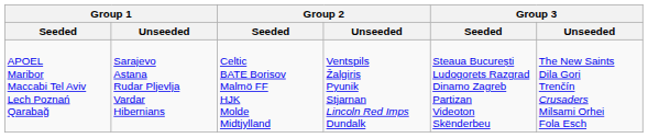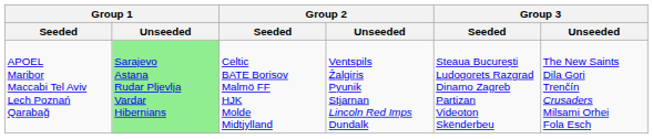 <table class="wikitable" style="font-size:80%">
 <tr>
 <th colspan=2>Group 1</th>
 <th colspan=2>Group 2</th>
 <th colspan=2>Group 3</th>
 </tr>
 <tr>
 <th width=16%>Seeded</th>
 <th width=16%>Unseeded</th>
 <th width=16%>Seeded</th>
 <th width=16%>Unseeded</th>
 <th width=16%>Seeded</th>
 <th width=16%>Unseeded</th>
 </tr>
 <tr>
 <td valign=top><br> <a href='#'>APOEL</a><br>  <a href='#'>Maribor</a><br>  <a href='#'>Maccabi Tel Aviv</a><br>  <a href='#'>Lech Poznań</a><br>  <a href='#'>Qarabağ</a></td>
-<td valign=top><br> <a href='#'>Sarajevo</a><br>  <a href='#'>Astana</a><br>  <a href='#'>Rudar Pljevlja</a><br>  <a href='#'>Vardar</a><br>  <a href='#'>Hibernians</a></td>
+<td valign=top style="background: lightgreen;"><br> <a href='#'>Sarajevo</a><br>  <a href='#'>Astana</a><br>  <a href='#'>Rudar Pljevlja</a><br>  <a href='#'>Vardar</a><br>  <a href='#'>Hibernians</a></td>
 <td valign=top><br> <a href='#'>Celtic</a><br>  <a href='#'>BATE Borisov</a><br>  <a href='#'>Malmö FF</a><br>  <a href='#'>HJK</a><br>  <a href='#'>Molde</a><br>  <a href='#'>Midtjylland</a></td>
 <td valign=top><br> <a href='#'>Ventspils</a><br>  <a href='#'>Žalgiris</a><br>  <a href='#'>Pyunik</a><br>  <a href='#'>Stjarnan</a><br>  <em><a href='#'>Lincoln Red Imps</a></em><br>  <a href='#'>Dundalk</a></td>
 <td valign=top><br> <a href='#'>Steaua București</a><br>  <a href='#'>Ludogorets Razgrad</a><br>  <a href='#'>Dinamo Zagreb</a><br>  <a href='#'>Partizan</a><br>  <a href='#'>Videoton</a><br>  <a href='#'>Skënderbeu</a></td>
 <td valign=top><br> <a href='#'>The New Saints</a><br>  <a href='#'>Dila Gori</a><br>  <a href='#'>Trenčín</a><br>  <em><a href='#'>Crusaders</a></em><br>  <a href='#'>Milsami Orhei</a><br>  <a href='#'>Fola Esch</a></td>
 </tr>
 </table>
